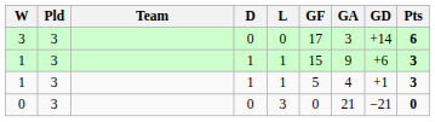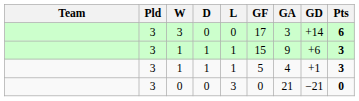 <table class="wikitable" style="text-align:center">
 <tr>
+<th width="180">Team</th>
+<th width="30">Pld</th>
 <th width="30">W</th>
-<th width="30">Pld</th>
-<th width="180">Team</th>
 <th width="30">D</th>
 <th width="30">L</th>
 <th width="30">GF</th>
 <th width="30">GA</th>
 <th width="30">GD</th>
 <th width="30">Pts</th>
 </tr>
 <tr style=background:#ccffcc>
+<td style="text-align:left;"></td>
 <td>3</td>
 <td>3</td>
-<td style="text-align:left;"></td>
 <td>0</td>
 <td>0</td>
 <td>17</td>
 <td>3</td>
 <td>+14</td>
 <td><strong>6</strong></td>
 </tr>
 <tr style=background:#ccffcc>
+<td style="text-align:left;"></td>
+<td>3</td>
 <td>1</td>
-<td>3</td>
-<td style="text-align:left;"></td>
 <td>1</td>
 <td>1</td>
 <td>15</td>
 <td>9</td>
 <td>+6</td>
 <td><strong>3</strong></td>
 </tr>
 <tr>
+<td style="text-align:left;"></td>
+<td>3</td>
 <td>1</td>
-<td>3</td>
-<td style="text-align:left;"></td>
 <td>1</td>
 <td>1</td>
 <td>5</td>
 <td>4</td>
 <td>+1</td>
 <td><strong>3</strong></td>
 </tr>
 <tr>
+<td style="text-align:left;"></td>
+<td>3</td>
 <td>0</td>
-<td>3</td>
-<td style="text-align:left;"></td>
 <td>0</td>
 <td>3</td>
 <td>0</td>
 <td>21</td>
 <td>−21</td>
 <td><strong>0</strong></td>
 </tr>
 </table>
